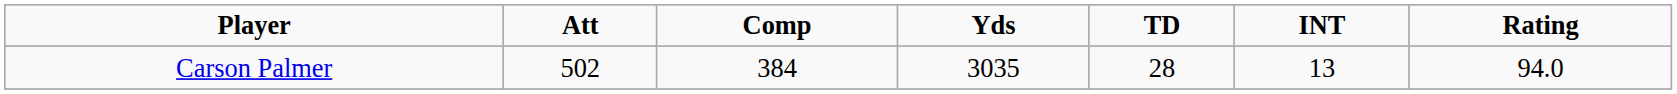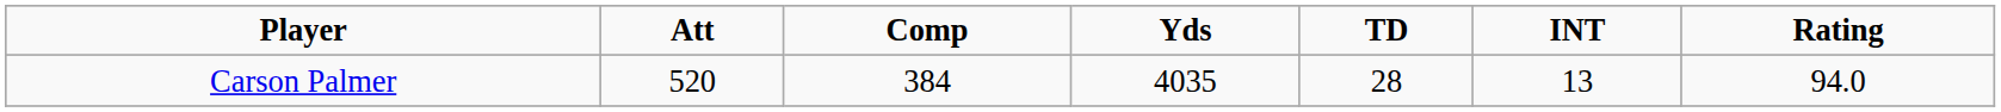 <table class="wikitable" style="width:80%;">
 <tr align="center">
 <td><strong>Player</strong></td>
 <td><strong>Att</strong></td>
 <td><strong>Comp</strong></td>
 <td><strong>Yds</strong></td>
 <td><strong>TD</strong></td>
 <td><strong>INT</strong></td>
 <td><strong>Rating</strong></td>
 </tr>
 <tr style="text-align:center;" bgcolor="">
 <td><a href='#'>Carson Palmer</a></td>
-<td>502</td>
+<td>520</td>
 <td>384</td>
-<td>3035</td>
+<td>4035</td>
 <td>28</td>
 <td>13</td>
 <td>94.0</td>
 </tr>
 </table>
